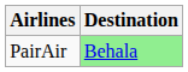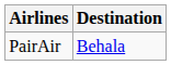 <table class="sortable wikitable">
 <tr>
 <th>Airlines</th>
 <th>Destination</th>
 </tr>
 <tr>
 <td>PairAir</td>
-<td style="background: lightgreen;"><a href='#'>Behala</a></td>
+<td><a href='#'>Behala</a></td>
 </tr>
 </table>
